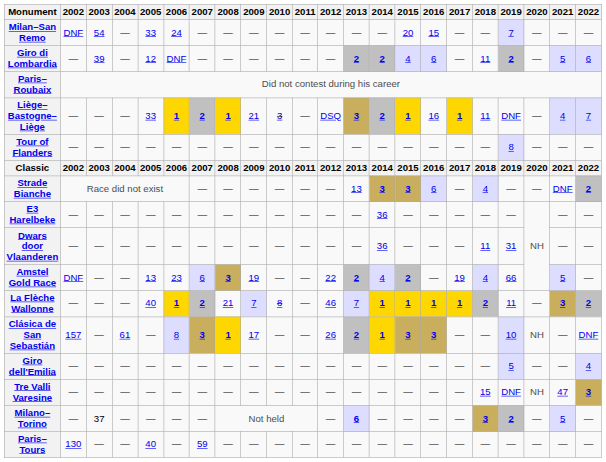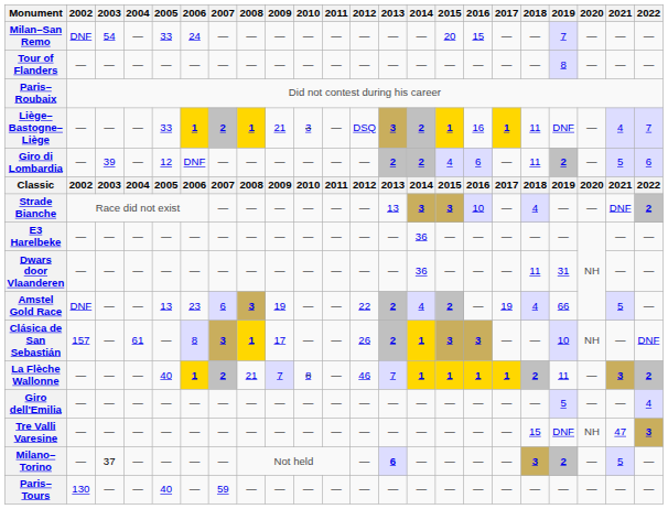 <table class="wikitable plainrowheaders">
 <tr>
 <th>Monument</th>
 <th scope="col">2002</th>
 <th scope="col">2003</th>
 <th scope="col">2004</th>
 <th scope="col">2005</th>
 <th scope="col">2006</th>
 <th scope="col">2007</th>
 <th scope="col">2008</th>
 <th scope="col">2009</th>
 <th scope="col">2010</th>
 <th scope="col">2011</th>
 <th scope="col">2012</th>
 <th scope="col">2013</th>
 <th scope="col">2014</th>
 <th scope="col">2015</th>
 <th scope="col">2016</th>
 <th scope="col">2017</th>
 <th scope="col">2018</th>
 <th scope="col">2019</th>
 <th scope="col">2020</th>
 <th scope="col">2021</th>
 <th scope="col">2022</th>
 </tr>
 <tr style="text-align:center;">
 <th scope="row"><a href='#'>Milan–San Remo</a></th>
 <td><a href='#'>DNF</a></td>
 <td><a href='#'>54</a></td>
 <td>—</td>
 <td><a href='#'>33</a></td>
 <td><a href='#'>24</a></td>
 <td>—</td>
 <td>—</td>
 <td>—</td>
 <td>—</td>
 <td>—</td>
 <td>—</td>
 <td>—</td>
 <td>—</td>
 <td><a href='#'>20</a></td>
 <td><a href='#'>15</a></td>
 <td>—</td>
 <td>—</td>
 <td style="background:#ddf;"><a href='#'>7</a></td>
 <td>—</td>
 <td>—</td>
 <td>—</td>
 </tr>
 <tr style="text-align:center;">
-<th scope="row"><a href='#'>Giro di Lombardia</a></th>
-<td>—</td>
-<td><a href='#'>39</a></td>
-<td>—</td>
-<td><a href='#'>12</a></td>
-<td><a href='#'>DNF</a></td>
+<th scope="row"><a href='#'>Tour of Flanders</a></th>
 <td>—</td>
 <td>—</td>
 <td>—</td>
 <td>—</td>
 <td>—</td>
 <td>—</td>
-<td style="background:silver;"><a href='#'><strong>2</strong></a></td>
-<td style="background:silver;"><a href='#'><strong>2</strong></a></td>
-<td style="background:#ddf;"><a href='#'>4</a></td>
-<td style="background:#ddf;"><a href='#'>6</a></td>
 <td>—</td>
-<td><a href='#'>11</a></td>
-<td style="background:silver;"><a href='#'><strong>2</strong></a></td>
 <td>—</td>
-<td style="background:#ddf;"><a href='#'>5</a></td>
-<td style="background:#ddf;"><a href='#'>6</a></td>
+<td>—</td>
+<td>—</td>
+<td>—</td>
+<td>—</td>
+<td>—</td>
+<td>—</td>
+<td>—</td>
+<td>—</td>
+<td>—</td>
+<td style="background:#ddf;"><a href='#'>8</a></td>
+<td>—</td>
+<td>—</td>
+<td>—</td>
 </tr>
 <tr style="text-align:center;">
 <th scope="row"><a href='#'>Paris–Roubaix</a></th>
 <td style="color:#4d4d4d;" colspan=21>Did not contest during his career</td>
 </tr>
 <tr style="text-align:center;">
 <th scope="row"><a href='#'>Liège–Bastogne–Liège</a></th>
 <td>—</td>
 <td>—</td>
 <td>—</td>
 <td><a href='#'>33</a></td>
 <td style="background:gold;"><a href='#'><strong>1</strong></a></td>
 <td style="background:silver;"><a href='#'><strong>2</strong></a></td>
 <td style="background:gold;"><a href='#'><strong>1</strong></a></td>
 <td><a href='#'>21</a></td>
 <td><s><a href='#'>3</a></s></td>
 <td>—</td>
 <td><a href='#'>DSQ</a></td>
 <td style="background:#C9AE5D;"><a href='#'><strong>3</strong></a></td>
 <td style="background:silver;"><a href='#'><strong>2</strong></a></td>
 <td style="background:gold;"><a href='#'><strong>1</strong></a></td>
 <td><a href='#'>16</a></td>
 <td style="background:gold;"><a href='#'><strong>1</strong></a></td>
 <td><a href='#'>11</a></td>
 <td><a href='#'>DNF</a></td>
 <td>—</td>
 <td style="background:#ddf;"><a href='#'>4</a></td>
 <td style="background:#ddf;"><a href='#'>7</a></td>
 </tr>
 <tr style="text-align:center;">
-<th scope="row"><a href='#'>Tour of Flanders</a></th>
+<th scope="row"><a href='#'>Giro di Lombardia</a></th>
+<td>—</td>
+<td><a href='#'>39</a></td>
+<td>—</td>
+<td><a href='#'>12</a></td>
+<td><a href='#'>DNF</a></td>
 <td>—</td>
 <td>—</td>
 <td>—</td>
 <td>—</td>
 <td>—</td>
 <td>—</td>
+<td style="background:silver;"><a href='#'><strong>2</strong></a></td>
+<td style="background:silver;"><a href='#'><strong>2</strong></a></td>
+<td style="background:#ddf;"><a href='#'>4</a></td>
+<td style="background:#ddf;"><a href='#'>6</a></td>
 <td>—</td>
+<td><a href='#'>11</a></td>
+<td style="background:silver;"><a href='#'><strong>2</strong></a></td>
 <td>—</td>
-<td>—</td>
-<td>—</td>
-<td>—</td>
-<td>—</td>
-<td>—</td>
-<td>—</td>
-<td>—</td>
-<td>—</td>
-<td>—</td>
-<td style="background:#ddf;"><a href='#'>8</a></td>
-<td>—</td>
-<td>—</td>
-<td>—</td>
+<td style="background:#ddf;"><a href='#'>5</a></td>
+<td style="background:#ddf;"><a href='#'>6</a></td>
 </tr>
 <tr>
 <th>Classic</th>
 <th scope="col">2002</th>
 <th scope="col">2003</th>
 <th scope="col">2004</th>
 <th scope="col">2005</th>
 <th scope="col">2006</th>
 <th scope="col">2007</th>
 <th scope="col">2008</th>
 <th scope="col">2009</th>
 <th scope="col">2010</th>
 <th scope="col">2011</th>
 <th scope="col">2012</th>
 <th scope="col">2013</th>
 <th scope="col">2014</th>
 <th scope="col">2015</th>
 <th scope="col">2016</th>
 <th scope="col">2017</th>
 <th scope="col">2018</th>
 <th scope="col">2019</th>
 <th scope="col">2020</th>
 <th scope="col">2021</th>
 <th scope="col">2022</th>
 </tr>
 <tr style="text-align:center;">
 <th scope="row"><a href='#'>Strade Bianche</a></th>
 <td style="color:#4d4d4d;" colspan=5>Race did not exist</td>
 <td>—</td>
 <td>—</td>
 <td>—</td>
 <td>—</td>
 <td>—</td>
 <td>—</td>
 <td><a href='#'>13</a></td>
 <td style="background:#C9AE5D;"><a href='#'><strong>3</strong></a></td>
 <td style="background:#C9AE5D;"><a href='#'><strong>3</strong></a></td>
-<td style="background:#ddf;"><a href='#'>6</a></td>
+<td style="background:#ddf;"><a href='#'>10</a></td>
 <td>—</td>
 <td style="background:#ddf;"><a href='#'>4</a></td>
 <td>—</td>
 <td>—</td>
 <td><a href='#'>DNF</a></td>
 <td style="background:silver;"><a href='#'><strong>2</strong></a></td>
 </tr>
 <tr style="text-align:center;">
 <th scope="row"><a href='#'>E3 Harelbeke</a></th>
 <td>—</td>
 <td>—</td>
 <td>—</td>
 <td>—</td>
 <td>—</td>
 <td>—</td>
 <td>—</td>
 <td>—</td>
 <td>—</td>
 <td>—</td>
 <td>—</td>
 <td>—</td>
 <td><a href='#'>36</a></td>
 <td>—</td>
 <td>—</td>
 <td>—</td>
 <td>—</td>
 <td>—</td>
 <td style="color:#4d4d4d;" rowspan=3>NH</td>
 <td>—</td>
 <td>—</td>
 </tr>
 <tr style="text-align:center;">
 <th scope="row"><a href='#'>Dwars door Vlaanderen</a></th>
 <td>—</td>
 <td>—</td>
 <td>—</td>
 <td>—</td>
 <td>—</td>
 <td>—</td>
 <td>—</td>
 <td>—</td>
 <td>—</td>
 <td>—</td>
 <td>—</td>
 <td>—</td>
 <td><a href='#'>36</a></td>
 <td>—</td>
 <td>—</td>
 <td>—</td>
 <td><a href='#'>11</a></td>
 <td><a href='#'>31</a></td>
 <td>—</td>
 <td>—</td>
 </tr>
 <tr style="text-align:center;">
 <th scope="row"><a href='#'>Amstel Gold Race</a></th>
 <td><a href='#'>DNF</a></td>
 <td>—</td>
 <td>—</td>
 <td><a href='#'>13</a></td>
 <td><a href='#'>23</a></td>
 <td style="background:#ddf;"><a href='#'>6</a></td>
 <td style="background:#C9AE5D;"><a href='#'><strong>3</strong></a></td>
 <td><a href='#'>19</a></td>
 <td>—</td>
 <td>—</td>
 <td><a href='#'>22</a></td>
 <td style="background:silver;"><a href='#'><strong>2</strong></a></td>
 <td style="background:#ddf;"><a href='#'>4</a></td>
 <td style="background:silver;"><a href='#'><strong>2</strong></a></td>
 <td>—</td>
 <td><a href='#'>19</a></td>
 <td style="background:#ddf;"><a href='#'>4</a></td>
 <td><a href='#'>66</a></td>
 <td style="background:#ddf;"><a href='#'>5</a></td>
 <td>—</td>
 </tr>
 <tr style="text-align:center;">
+<th scope="row"><a href='#'>Clásica de San Sebastián</a></th>
+<td><a href='#'>157</a></td>
+<td>—</td>
+<td><a href='#'>61</a></td>
+<td>—</td>
+<td style="background:#ddf;"><a href='#'>8</a></td>
+<td style="background:#C9AE5D;"><a href='#'><strong>3</strong></a></td>
+<td style="background:gold;"><a href='#'><strong>1</strong></a></td>
+<td><a href='#'>17</a></td>
+<td>—</td>
+<td>—</td>
+<td><a href='#'>26</a></td>
+<td style="background:silver;"><a href='#'><strong>2</strong></a></td>
+<td style="background:gold;"><a href='#'><strong>1</strong></a></td>
+<td style="background:#C9AE5D;"><a href='#'><strong>3</strong></a></td>
+<td style="background:#C9AE5D;"><a href='#'><strong>3</strong></a></td>
+<td>—</td>
+<td>—</td>
+<td style="background:#ddf;"><a href='#'>10</a></td>
+<td style="color:#4d4d4d;">NH</td>
+<td>—</td>
+<td><a href='#'>DNF</a></td>
+</tr>
+<tr style="text-align:center;">
 <th scope="row"><a href='#'>La Flèche Wallonne</a></th>
 <td>—</td>
 <td>—</td>
 <td>—</td>
 <td><a href='#'>40</a></td>
 <td style="background:gold;"><a href='#'><strong>1</strong></a></td>
 <td style="background:silver;"><a href='#'><strong>2</strong></a></td>
 <td><a href='#'>21</a></td>
 <td style="background:#ddf;"><a href='#'>7</a></td>
 <td><s><a href='#'>8</a></s></td>
 <td>—</td>
 <td><a href='#'>46</a></td>
 <td style="background:#ddf;"><a href='#'>7</a></td>
 <td style="background:gold;"><a href='#'><strong>1</strong></a></td>
 <td style="background:gold;"><a href='#'><strong>1</strong></a></td>
 <td style="background:gold;"><a href='#'><strong>1</strong></a></td>
 <td style="background:gold;"><a href='#'><strong>1</strong></a></td>
 <td style="background:silver;"><a href='#'><strong>2</strong></a></td>
 <td><a href='#'>11</a></td>
 <td>—</td>
 <td style="background:#C9AE5D;"><a href='#'><strong>3</strong></a></td>
 <td style="background:silver;"><a href='#'><strong>2</strong></a></td>
-</tr>
-<tr style="text-align:center;">
-<th scope="row"><a href='#'>Clásica de San Sebastián</a></th>
-<td><a href='#'>157</a></td>
-<td>—</td>
-<td><a href='#'>61</a></td>
-<td>—</td>
-<td style="background:#ddf;"><a href='#'>8</a></td>
-<td style="background:#C9AE5D;"><a href='#'><strong>3</strong></a></td>
-<td style="background:gold;"><a href='#'><strong>1</strong></a></td>
-<td><a href='#'>17</a></td>
-<td>—</td>
-<td>—</td>
-<td><a href='#'>26</a></td>
-<td style="background:silver;"><a href='#'><strong>2</strong></a></td>
-<td style="background:gold;"><a href='#'><strong>1</strong></a></td>
-<td style="background:#C9AE5D;"><a href='#'><strong>3</strong></a></td>
-<td style="background:#C9AE5D;"><a href='#'><strong>3</strong></a></td>
-<td>—</td>
-<td>—</td>
-<td style="background:#ddf;"><a href='#'>10</a></td>
-<td style="color:#4d4d4d;">NH</td>
-<td>—</td>
-<td><a href='#'>DNF</a></td>
 </tr>
 <tr style="text-align:center;">
 <th scope="row"><a href='#'>Giro dell'Emilia</a></th>
 <td>—</td>
 <td>—</td>
 <td>—</td>
 <td>—</td>
 <td>—</td>
 <td>—</td>
 <td>—</td>
 <td>—</td>
 <td>—</td>
 <td>—</td>
 <td>—</td>
 <td>—</td>
 <td>—</td>
 <td>—</td>
 <td>—</td>
 <td>—</td>
 <td>—</td>
 <td style="background:#ddf;"><a href='#'>5</a></td>
 <td>—</td>
 <td>—</td>
 <td style="background:#ddf;"><a href='#'>4</a></td>
 </tr>
 <tr style="text-align:center;">
 <th scope="row"><a href='#'>Tre Valli Varesine</a></th>
 <td>—</td>
 <td>—</td>
 <td>—</td>
 <td>—</td>
 <td>—</td>
 <td>—</td>
 <td>—</td>
 <td>—</td>
 <td>—</td>
 <td>—</td>
 <td>—</td>
 <td>—</td>
 <td>—</td>
 <td>—</td>
 <td>—</td>
 <td>—</td>
 <td><a href='#'>15</a></td>
 <td><a href='#'>DNF</a></td>
 <td style="color:#4d4d4d;">NH</td>
 <td><a href='#'>47</a></td>
 <td style="background:#C9AE5D;"><a href='#'><strong>3</strong></a></td>
 </tr>
 <tr style="text-align:center;">
 <th scope="row"><a href='#'>Milano–Torino</a></th>
 <td>—</td>
 <td>37</td>
 <td>—</td>
 <td>—</td>
 <td>—</td>
 <td>—</td>
 <td style="color:#4d4d4d;" colspan=4>Not held</td>
 <td>—</td>
 <td style="background:#ddf;"><strong><a href='#'>6</a></strong></td>
 <td>—</td>
 <td>—</td>
 <td>—</td>
 <td>—</td>
 <td style="background:#C9AE5D;"><a href='#'><strong>3</strong></a></td>
 <td style="background:silver;"><a href='#'><strong>2</strong></a></td>
 <td>—</td>
 <td style="background:#ddf;"><a href='#'>5</a></td>
 <td>—</td>
 </tr>
 <tr style="text-align:center;">
 <th scope="row"><a href='#'>Paris–Tours</a></th>
 <td><a href='#'>130</a></td>
 <td>—</td>
 <td>—</td>
 <td><a href='#'>40</a></td>
 <td>—</td>
 <td><a href='#'>59</a></td>
 <td>—</td>
 <td>—</td>
 <td>—</td>
 <td>—</td>
 <td>—</td>
 <td>—</td>
 <td>—</td>
 <td>—</td>
 <td>—</td>
 <td>—</td>
 <td>—</td>
 <td>—</td>
 <td>—</td>
 <td>—</td>
 <td>—</td>
 </tr>
 </table>
